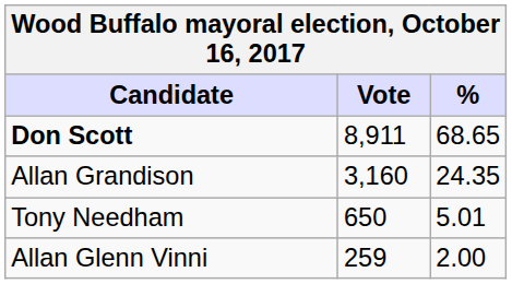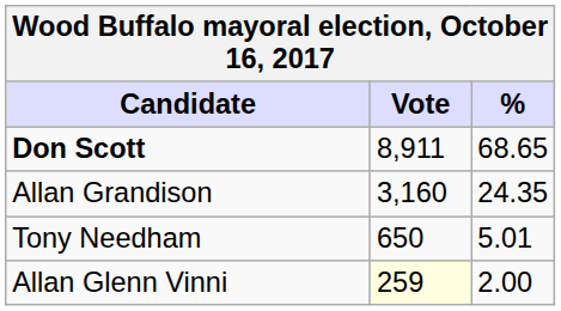 <table class="wikitable">
 <tr>
 <th colspan=3>Wood Buffalo mayoral election, October 16, 2017</th>
 </tr>
 <tr>
 <th style="background:#ddf; width:200px;">Candidate</th>
 <th style="background:#ddf; width:50px;">Vote</th>
 <th style="background:#ddf; width:30px;">%</th>
 </tr>
 <tr>
 <td><strong>Don Scott</strong></td>
 <td>8,911</td>
 <td>68.65</td>
 </tr>
 <tr>
 <td>Allan Grandison</td>
 <td>3,160</td>
 <td>24.35</td>
 </tr>
 <tr>
 <td>Tony Needham</td>
 <td>650</td>
 <td>5.01</td>
 </tr>
 <tr>
 <td>Allan Glenn Vinni</td>
-<td>259</td>
+<td style="background: lightyellow;">259</td>
 <td>2.00</td>
 </tr>
 </table>
